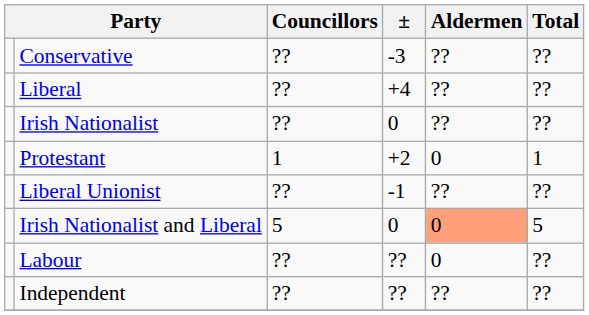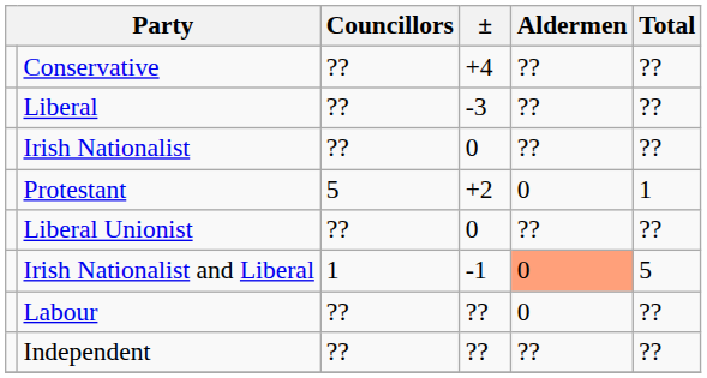 <table class="wikitable">
 <tr>
 <th colspan="2">Party</th>
 <th>Councillors</th>
 <th>  ±  </th>
 <th>Aldermen</th>
 <th>Total</th>
 </tr>
 <tr>
 <td style="background-color: "></td>
 <td><a href='#'>Conservative</a></td>
 <td>??</td>
-<td>-3</td>
+<td>+4</td>
 <td>??</td>
 <td>??</td>
 </tr>
 <tr>
 <td style="background-color: "></td>
 <td><a href='#'>Liberal</a></td>
 <td>??</td>
-<td>+4</td>
+<td>-3</td>
 <td>??</td>
 <td>??</td>
 </tr>
 <tr>
 <td style="background-color: "></td>
 <td><a href='#'>Irish Nationalist</a></td>
 <td>??</td>
 <td>0</td>
 <td>??</td>
 <td>??</td>
 </tr>
 <tr>
 <td style="background-color: "></td>
 <td><a href='#'>Protestant</a></td>
-<td>1</td>
+<td>5</td>
 <td>+2</td>
 <td>0</td>
 <td>1</td>
 </tr>
 <tr>
 <td style="background-color: "></td>
 <td><a href='#'>Liberal Unionist</a></td>
 <td>??</td>
-<td>-1</td>
+<td>0</td>
 <td>??</td>
 <td>??</td>
 </tr>
 <tr>
 <td style="background-color: "></td>
 <td><a href='#'>Irish Nationalist</a> and <a href='#'>Liberal</a></td>
-<td>5</td>
-<td>0</td>
+<td>1</td>
+<td>-1</td>
 <td style="background: lightsalmon;">0</td>
 <td>5</td>
 </tr>
 <tr>
 <td style="background-color: "></td>
 <td><a href='#'>Labour</a></td>
 <td>??</td>
 <td>??</td>
 <td>0</td>
 <td>??</td>
 </tr>
 <tr>
 <td style="background-color: "></td>
 <td>Independent</td>
 <td>??</td>
 <td>??</td>
 <td>??</td>
 <td>??</td>
 </tr>
 <tr>
 </tr>
 </table>
